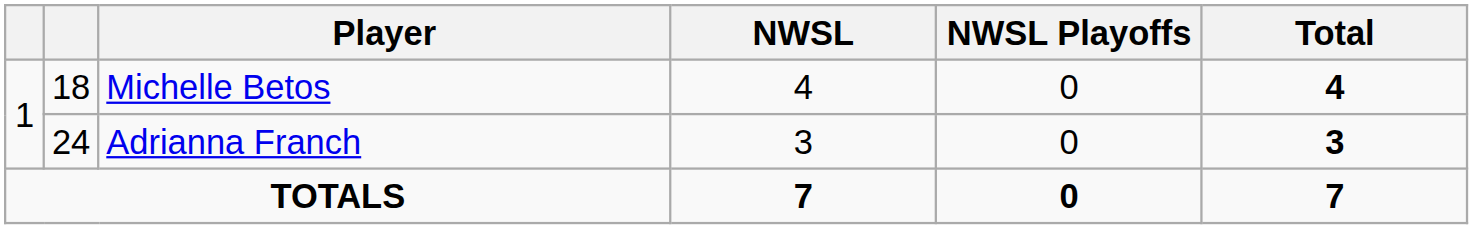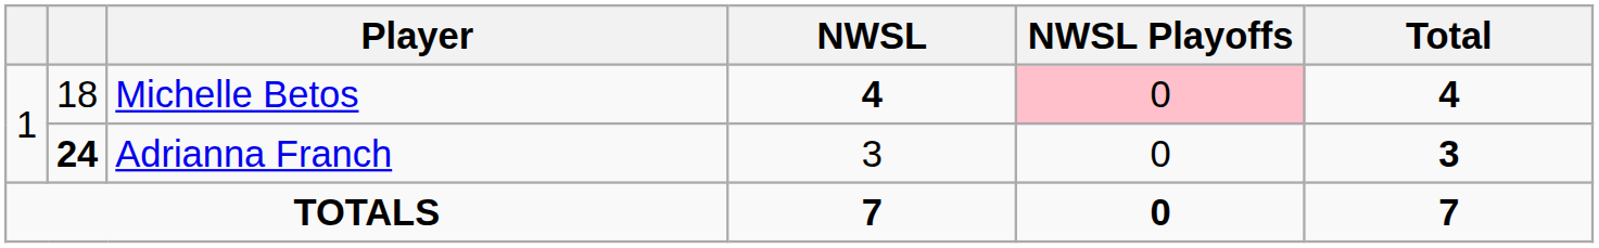 <table class="wikitable sortable" style="font-size: 95%; text-align: center;">
 <tr>
 <th width=10></th>
 <th width=10></th>
 <th width=245>Player</th>
 <th width=110>NWSL</th>
 <th width=110>NWSL Playoffs</th>
 <th width=110>Total</th>
 </tr>
 <tr>
 <td rowspan="2">1</td>
 <td>18</td>
 <td align=left> <a href='#'>Michelle Betos</a></td>
-<td>4</td>
-<td>0</td>
+<td><strong>4</strong></td>
+<td style="background: pink;">0</td>
 <td><strong>4</strong></td>
 </tr>
 <tr>
-<td>24</td>
+<td><strong>24</strong></td>
 <td align="left"> <a href='#'>Adrianna Franch</a></td>
 <td>3</td>
 <td>0</td>
 <td><strong>3</strong></td>
 </tr>
 <tr>
 <td colspan="3"><strong>TOTALS</strong></td>
 <td><strong>7</strong></td>
 <td><strong>0</strong></td>
 <td><strong>7</strong></td>
 </tr>
 </table>
